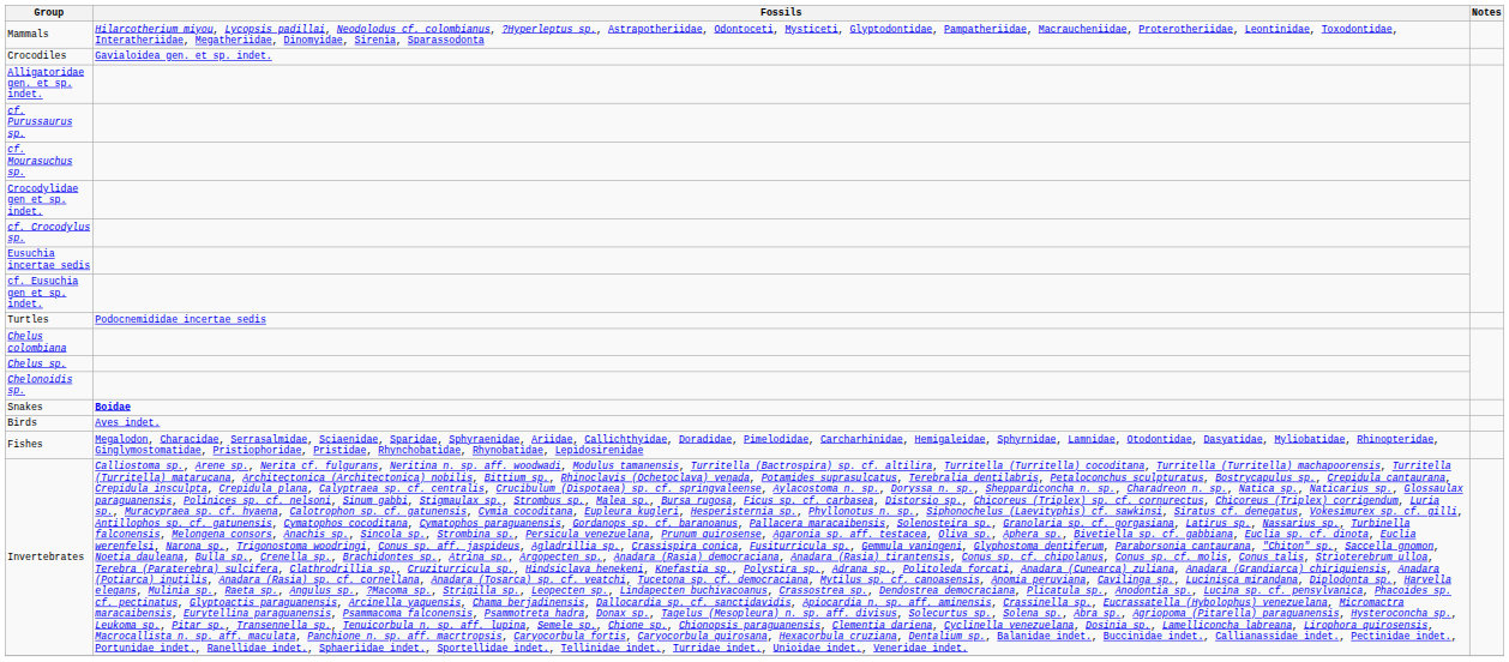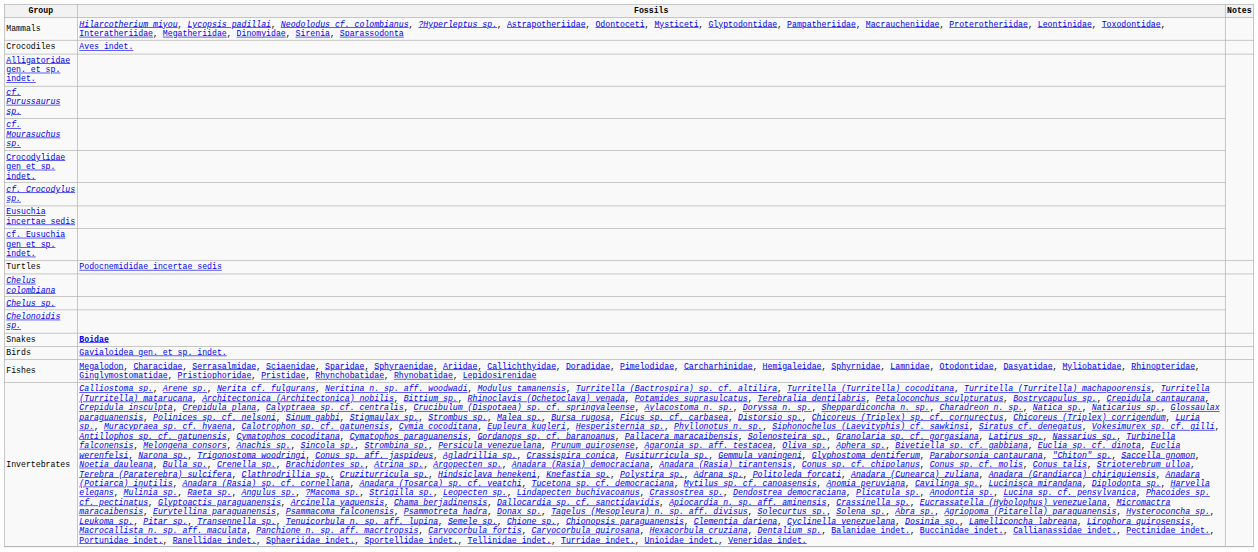 <table class="wikitable sortable mw-collapsible" width=100%>
 <tr>
 <th>Group</th>
 <th>Fossils</th>
 <th class=unsortable>Notes</th>
 </tr>
 <tr>
 <td style="background-color: ">Mammals</td>
 <td><em><a href='#'>Hilarcotherium miyou</a></em>, <em><a href='#'>Lycopsis padillai</a></em>, <em><a href='#'>Neodolodus cf. colombianus</a></em>, <em><a href='#'>?Hyperleptus sp.</a></em>, <a href='#'>Astrapotheriidae</a>, <a href='#'>Odontoceti</a>, <a href='#'>Mysticeti</a>, <a href='#'>Glyptodontidae</a>, <a href='#'>Pampatheriidae</a>, <a href='#'>Macraucheniidae</a>, <a href='#'>Proterotheriidae</a>, <a href='#'>Leontinidae</a>, <a href='#'>Toxodontidae</a>, <a href='#'>Interatheriidae</a>, <a href='#'>Megatheriidae</a>, <a href='#'>Dinomyidae</a>, <a href='#'>Sirenia</a>, <a href='#'>Sparassodonta</a></td>
 <td></td>
 </tr>
 <tr>
 <td style="background-color: ">Crocodiles</td>
-<td><a href='#'>Gavialoidea gen. et sp. indet.</a></td>
+<td><a href='#'>Aves indet.</a></td>
 <td></td>
 </tr>
 <tr>
 <td><a href='#'>Alligatoridae gen. et sp. indet.</a></td>
 <td></td>
 </tr>
 <tr>
 <td><em><a href='#'>cf. Purussaurus sp.</a></em></td>
 <td></td>
 </tr>
 <tr>
 <td><em><a href='#'>cf. Mourasuchus sp.</a></em></td>
 <td></td>
 </tr>
 <tr>
 <td><a href='#'>Crocodylidae gen et sp. indet.</a></td>
 <td></td>
 </tr>
 <tr>
 <td><em><a href='#'>cf. Crocodylus sp.</a></em></td>
 <td></td>
 </tr>
 <tr>
 <td><a href='#'>Eusuchia incertae sedis</a></td>
 <td></td>
 </tr>
 <tr>
 <td><a href='#'>cf. Eusuchia gen et sp. indet.</a></td>
 <td></td>
 </tr>
 <tr>
 <td style="background-color: ">Turtles</td>
 <td><a href='#'>Podocnemididae incertae sedis</a></td>
 <td></td>
 </tr>
 <tr>
 <td><em><a href='#'>Chelus colombiana</a></em></td>
 <td></td>
 </tr>
 <tr>
 <td><em><a href='#'>Chelus sp.</a></em></td>
 <td></td>
 </tr>
 <tr>
 <td><em><a href='#'>Chelonoidis sp.</a></em></td>
 <td></td>
 </tr>
 <tr>
 <td style="background-color: ">Snakes</td>
 <td><strong><a href='#'>Boidae</a></strong></td>
 <td></td>
 </tr>
 <tr>
 <td style="background-color: ">Birds</td>
-<td><a href='#'>Aves indet.</a></td>
+<td><a href='#'>Gavialoidea gen. et sp. indet.</a></td>
 <td></td>
 </tr>
 <tr>
 <td style="background-color: ">Fishes</td>
 <td><a href='#'>Megalodon</a>, <a href='#'>Characidae</a>, <a href='#'>Serrasalmidae</a>, <a href='#'>Sciaenidae</a>, <a href='#'>Sparidae</a>, <a href='#'>Sphyraenidae</a>, <a href='#'>Ariidae</a>, <a href='#'>Callichthyidae</a>, <a href='#'>Doradidae</a>, <a href='#'>Pimelodidae</a>, <a href='#'>Carcharhinidae</a>, <a href='#'>Hemigaleidae</a>, <a href='#'>Sphyrnidae</a>, <a href='#'>Lamnidae</a>, <a href='#'>Otodontidae</a>, <a href='#'>Dasyatidae</a>, <a href='#'>Myliobatidae</a>, <a href='#'>Rhinopteridae</a>, <a href='#'>Ginglymostomatidae</a>, <a href='#'>Pristiophoridae</a>, <a href='#'>Pristidae</a>, <a href='#'>Rhynchobatidae</a>, <a href='#'>Rhynobatidae</a>, <a href='#'>Lepidosirenidae</a></td>
 <td></td>
 </tr>
 <tr>
 <td style="background-color: ">Invertebrates</td>
 <td><em><a href='#'>Calliostoma sp.</a></em>, <em><a href='#'>Arene sp.</a></em>, <em><a href='#'>Nerita cf. fulgurans</a></em>, <em><a href='#'>Neritina n. sp. aff. woodwadi</a></em>, <em><a href='#'>Modulus tamanensis</a></em>, <em><a href='#'>Turritella (Bactrospira) sp. cf. altilira</a></em>, <em><a href='#'>Turritella (Turritella) cocoditana</a></em>, <em><a href='#'>Turritella (Turritella) machapoorensis</a></em>, <em><a href='#'>Turritella (Turritella) matarucana</a></em>, <em><a href='#'>Architectonica (Architectonica) nobilis</a></em>, <em><a href='#'>Bittium sp.</a></em>, <em><a href='#'>Rhinoclavis (Ochetoclava) venada</a></em>, <em><a href='#'>Potamides suprasulcatus</a></em>, <em><a href='#'>Terebralia dentilabris</a></em>, <em><a href='#'>Petaloconchus sculpturatus</a></em>, <em><a href='#'>Bostrycapulus sp.</a></em>, <em><a href='#'>Crepidula cantaurana</a></em>, <em><a href='#'>Crepidula insculpta</a></em>, <em><a href='#'>Crepidula plana</a></em>, <em><a href='#'>Calyptraea sp. cf. centralis</a></em>, <em><a href='#'>Crucibulum (Dispotaea) sp. cf. springvaleense</a></em>, <em><a href='#'>Aylacostoma n. sp.</a></em>, <em><a href='#'>Doryssa n. sp.</a></em>, <em><a href='#'>Sheppardiconcha n. sp.</a></em>, <em><a href='#'>Charadreon n. sp.</a></em>, <em><a href='#'>Natica sp.</a></em>, <em><a href='#'>Naticarius sp.</a></em>, <em><a href='#'>Glossaulax paraguanensis</a></em>, <em><a href='#'>Polinices sp. cf. nelsoni</a></em>, <em><a href='#'>Sinum gabbi</a></em>, <em><a href='#'>Stigmaulax sp.</a></em>, <em><a href='#'>Strombus sp.</a></em>, <em><a href='#'>Malea sp.</a></em>, <em><a href='#'>Bursa rugosa</a></em>, <em><a href='#'>Ficus sp. cf. carbasea</a></em>, <em><a href='#'>Distorsio sp.</a></em>, <em><a href='#'>Chicoreus (Triplex) sp. cf. cornurectus</a></em>, <em><a href='#'>Chicoreus (Triplex) corrigendum</a></em>, <em><a href='#'>Luria sp.</a></em>, <em><a href='#'>Muracypraea sp. cf. hyaena</a></em>, <em><a href='#'>Calotrophon sp. cf. gatunensis</a></em>, <em><a href='#'>Cymia cocoditana</a></em>, <em><a href='#'>Eupleura kugleri</a></em>, <em><a href='#'>Hesperisternia sp.</a></em>, <em><a href='#'>Phyllonotus n. sp.</a></em>, <em><a href='#'>Siphonochelus (Laevityphis) cf. sawkinsi</a></em>, <em><a href='#'>Siratus cf. denegatus</a></em>, <em><a href='#'>Vokesimurex sp. cf. gilli</a></em>, <em><a href='#'>Antillophos sp. cf. gatunensis</a></em>, <em><a href='#'>Cymatophos cocoditana</a></em>, <em><a href='#'>Cymatophos paraguanensis</a></em>, <em><a href='#'>Gordanops sp. cf. baranoanus</a></em>, <em><a href='#'>Pallacera maracaibensis</a></em>, <em><a href='#'>Solenosteira sp.</a></em>, <em><a href='#'>Granolaria sp. cf. gorgasiana</a></em>, <em><a href='#'>Latirus sp.</a></em>, <em><a href='#'>Nassarius sp.</a></em>, <em><a href='#'>Turbinella falconensis</a></em>, <em><a href='#'>Melongena consors</a></em>, <em><a href='#'>Anachis sp.</a></em>, <em><a href='#'>Sincola sp.</a></em>, <em><a href='#'>Strombina sp.</a></em>, <em><a href='#'>Persicula venezuelana</a></em>, <em><a href='#'>Prunum quirosense</a></em>, <em><a href='#'>Agaronia sp. aff. testacea</a></em>, <em><a href='#'>Oliva sp.</a></em>, <em><a href='#'>Aphera sp.</a></em>, <em><a href='#'>Bivetiella sp. cf. gabbiana</a></em>, <em><a href='#'>Euclia sp. cf. dinota</a></em>, <em><a href='#'>Euclia werenfelsi</a></em>, <em><a href='#'>Narona sp.</a></em>, <em><a href='#'>Trigonostoma woodringi</a></em>, <em><a href='#'>Conus sp. aff. jaspideus</a></em>, <em><a href='#'>Agladrillia sp.</a></em>, <em><a href='#'>Crassispira conica</a></em>, <em><a href='#'>Fusiturricula sp.</a></em>, <em><a href='#'>Gemmula vaningeni</a></em>, <em><a href='#'>Glyphostoma dentiferum</a></em>, <em><a href='#'>Paraborsonia cantaurana</a></em>, <em><a href='#'>"Chiton" sp.</a></em>, <em><a href='#'>Saccella gnomon</a></em>, <em><a href='#'>Noetia dauleana</a></em>, <em><a href='#'>Bulla sp.</a></em>, <em><a href='#'>Crenella sp.</a></em>, <em><a href='#'>Brachidontes sp.</a></em>, <em><a href='#'>Atrina sp.</a></em>, <em><a href='#'>Argopecten sp.</a></em>, <em><a href='#'>Anadara (Rasia) democraciana</a></em>, <em><a href='#'>Anadara (Rasia) tirantensis</a></em>, <em><a href='#'>Conus sp. cf. chipolanus</a></em>, <em><a href='#'>Conus sp. cf. molis</a></em>, <em><a href='#'>Conus talis</a></em>, <em><a href='#'>Strioterebrum ulloa</a></em>, <em><a href='#'>Terebra (Paraterebra) sulcifera</a></em>, <em><a href='#'>Clathrodrillia sp.</a></em>, <em><a href='#'>Cruziturricula sp.</a></em>, <em><a href='#'>Hindsiclava henekeni</a></em>, <em><a href='#'>Knefastia sp.</a></em>, <em><a href='#'>Polystira sp.</a></em>, <em><a href='#'>Adrana sp.</a></em>, <em><a href='#'>Politoleda forcati</a></em>, <em><a href='#'>Anadara (Cunearca) zuliana</a></em>, <em><a href='#'>Anadara (Grandiarca) chiriquiensis</a></em>, <em><a href='#'>Anadara (Potiarca) inutilis</a></em>, <em><a href='#'>Anadara (Rasia) sp. cf. cornellana</a></em>, <em><a href='#'>Anadara (Tosarca) sp. cf. veatchi</a></em>, <em><a href='#'>Tucetona sp. cf. democraciana</a></em>, <em><a href='#'>Mytilus sp. cf. canoasensis</a></em>, <em><a href='#'>Anomia peruviana</a></em>, <em><a href='#'>Cavilinga sp.</a></em>, <em><a href='#'>Lucinisca mirandana</a></em>, <em><a href='#'>Diplodonta sp.</a></em>, <em><a href='#'>Harvella elegans</a></em>, <em><a href='#'>Mulinia sp.</a></em>, <em><a href='#'>Raeta sp.</a></em>, <em><a href='#'>Angulus sp.</a></em>, <em><a href='#'>?Macoma sp.</a></em>, <em><a href='#'>Strigilla sp.</a></em>, <em><a href='#'>Leopecten sp.</a></em>, <em><a href='#'>Lindapecten buchivacoanus</a></em>, <em><a href='#'>Crassostrea sp.</a></em>, <em><a href='#'>Dendostrea democraciana</a></em>, <em><a href='#'>Plicatula sp.</a></em>, <em><a href='#'>Anodontia sp.</a></em>, <em><a href='#'>Lucina sp. cf. pensylvanica</a></em>, <em><a href='#'>Phacoides sp. cf. pectinatus</a></em>, <em><a href='#'>Glyptoactis paraguanensis</a></em>, <em><a href='#'>Arcinella yaquensis</a></em>, <em><a href='#'>Chama berjadinensis</a></em>, <em><a href='#'>Dallocardia sp. cf. sanctidavidis</a></em>, <em><a href='#'>Apiocardia n. sp. aff. aminensis</a></em>, <em><a href='#'>Crassinella sp.</a></em>, <em><a href='#'>Eucrassatella (Hybolophus) venezuelana</a></em>, <em><a href='#'>Micromactra maracaibensis</a></em>, <em><a href='#'>Eurytellina paraguanensis</a></em>, <em><a href='#'>Psammacoma falconensis</a></em>, <em><a href='#'>Psammotreta hadra</a></em>, <em><a href='#'>Donax sp.</a></em>, <em><a href='#'>Tagelus (Mesopleura) n. sp. aff. divisus</a></em>, <em><a href='#'>Solecurtus sp.</a></em>, <em><a href='#'>Solena sp.</a></em>, <em><a href='#'>Abra sp.</a></em>, <em><a href='#'>Agriopoma (Pitarella) paraguanensis</a></em>, <em><a href='#'>Hysteroconcha sp.</a></em>, <em><a href='#'>Leukoma sp.</a></em>, <em><a href='#'>Pitar sp.</a></em>, <em><a href='#'>Transennella sp.</a></em>, <em><a href='#'>Tenuicorbula n. sp. aff. lupina</a></em>, <em><a href='#'>Semele sp.</a></em>, <em><a href='#'>Chione sp.</a></em>, <em><a href='#'>Chionopsis paraguanensis</a></em>, <em><a href='#'>Clementia dariena</a></em>, <em><a href='#'>Cyclinella venezuelana</a></em>, <em><a href='#'>Dosinia sp.</a></em>, <em><a href='#'>Lamelliconcha labreana</a></em>, <em><a href='#'>Lirophora quirosensis</a></em>, <em><a href='#'>Macrocallista n. sp. aff. maculata</a></em>, <em><a href='#'>Panchione n. sp. aff. macrtropsis</a></em>, <em><a href='#'>Caryocorbula fortis</a></em>, <em><a href='#'>Caryocorbula quirosana</a></em>, <em><a href='#'>Hexacorbula cruziana</a></em>, <em><a href='#'>Dentalium sp.</a></em>, <a href='#'>Balanidae indet.</a>, <a href='#'>Buccinidae indet.</a>, <a href='#'>Callianassidae indet.</a>, <a href='#'>Pectinidae indet.</a>, <a href='#'>Portunidae indet.</a>, <a href='#'>Ranellidae indet.</a>, <a href='#'>Sphaeriidae indet.</a>, <a href='#'>Sportellidae indet.</a>, <a href='#'>Tellinidae indet.</a>, <a href='#'>Turridae indet.</a>, <a href='#'>Unioidae indet.</a>, <a href='#'>Veneridae indet.</a></td>
 <td></td>
 </tr>
 <tr>
 </tr>
 </table>
